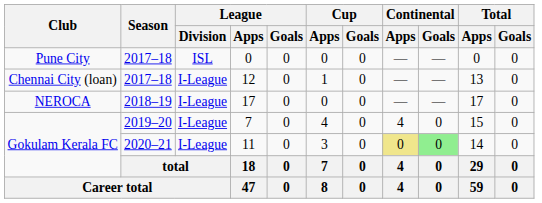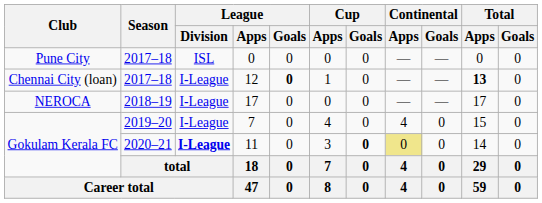 <table class="wikitable" style="text-align: center;">
 <tr>
 <th rowspan="2">Club</th>
 <th rowspan="2">Season</th>
 <th colspan="3">League</th>
 <th colspan="2">Cup</th>
 <th colspan="2">Continental</th>
 <th colspan="2">Total</th>
 </tr>
 <tr>
 <th>Division</th>
 <th>Apps</th>
 <th>Goals</th>
 <th>Apps</th>
 <th>Goals</th>
 <th>Apps</th>
 <th>Goals</th>
 <th>Apps</th>
 <th>Goals</th>
 </tr>
 <tr>
 <td rowspan="1"><a href='#'>Pune City</a></td>
 <td><a href='#'>2017–18</a></td>
 <td><a href='#'>ISL</a></td>
 <td>0</td>
 <td>0</td>
 <td>0</td>
 <td>0</td>
 <td>—</td>
 <td>—</td>
 <td>0</td>
 <td>0</td>
 </tr>
 <tr>
 <td rowspan="1"><a href='#'>Chennai City</a> (loan)</td>
 <td><a href='#'>2017–18</a></td>
 <td><a href='#'>I-League</a></td>
 <td>12</td>
-<td>0</td>
+<td><strong>0</strong></td>
 <td>1</td>
 <td>0</td>
 <td>—</td>
 <td>—</td>
-<td>13</td>
+<td><strong>13</strong></td>
 <td>0</td>
 </tr>
 <tr>
 <td rowspan="1"><a href='#'>NEROCA</a></td>
 <td><a href='#'>2018–19</a></td>
 <td><a href='#'>I-League</a></td>
 <td>17</td>
 <td>0</td>
 <td>0</td>
 <td>0</td>
 <td>—</td>
 <td>—</td>
 <td>17</td>
 <td>0</td>
 </tr>
 <tr>
 <td rowspan="3"><a href='#'>Gokulam Kerala FC</a></td>
 <td><a href='#'>2019–20</a></td>
 <td><a href='#'>I-League</a></td>
 <td>7</td>
 <td>0</td>
 <td>4</td>
 <td>0</td>
 <td>4</td>
 <td>0</td>
 <td>15</td>
 <td>0</td>
 </tr>
 <tr>
 <td><a href='#'>2020–21</a></td>
-<td><a href='#'>I-League</a></td>
+<td><strong><a href='#'>I-League</a></strong></td>
 <td>11</td>
 <td>0</td>
 <td>3</td>
+<td><strong>0</strong></td>
+<td style="background: khaki;">0</td>
 <td>0</td>
-<td style="background: khaki;">0</td>
-<td style="background: lightgreen;">0</td>
 <td>14</td>
 <td>0</td>
 </tr>
 <tr>
 <th colspan="2">total</th>
 <th>18</th>
 <th>0</th>
 <th>7</th>
 <th>0</th>
 <th>4</th>
 <th>0</th>
 <th>29</th>
 <th>0</th>
 </tr>
 <tr>
 <th colspan="3">Career total</th>
 <th>47</th>
 <th>0</th>
 <th>8</th>
 <th>0</th>
 <th>4</th>
 <th>0</th>
 <th>59</th>
 <th>0</th>
 </tr>
 </table>
